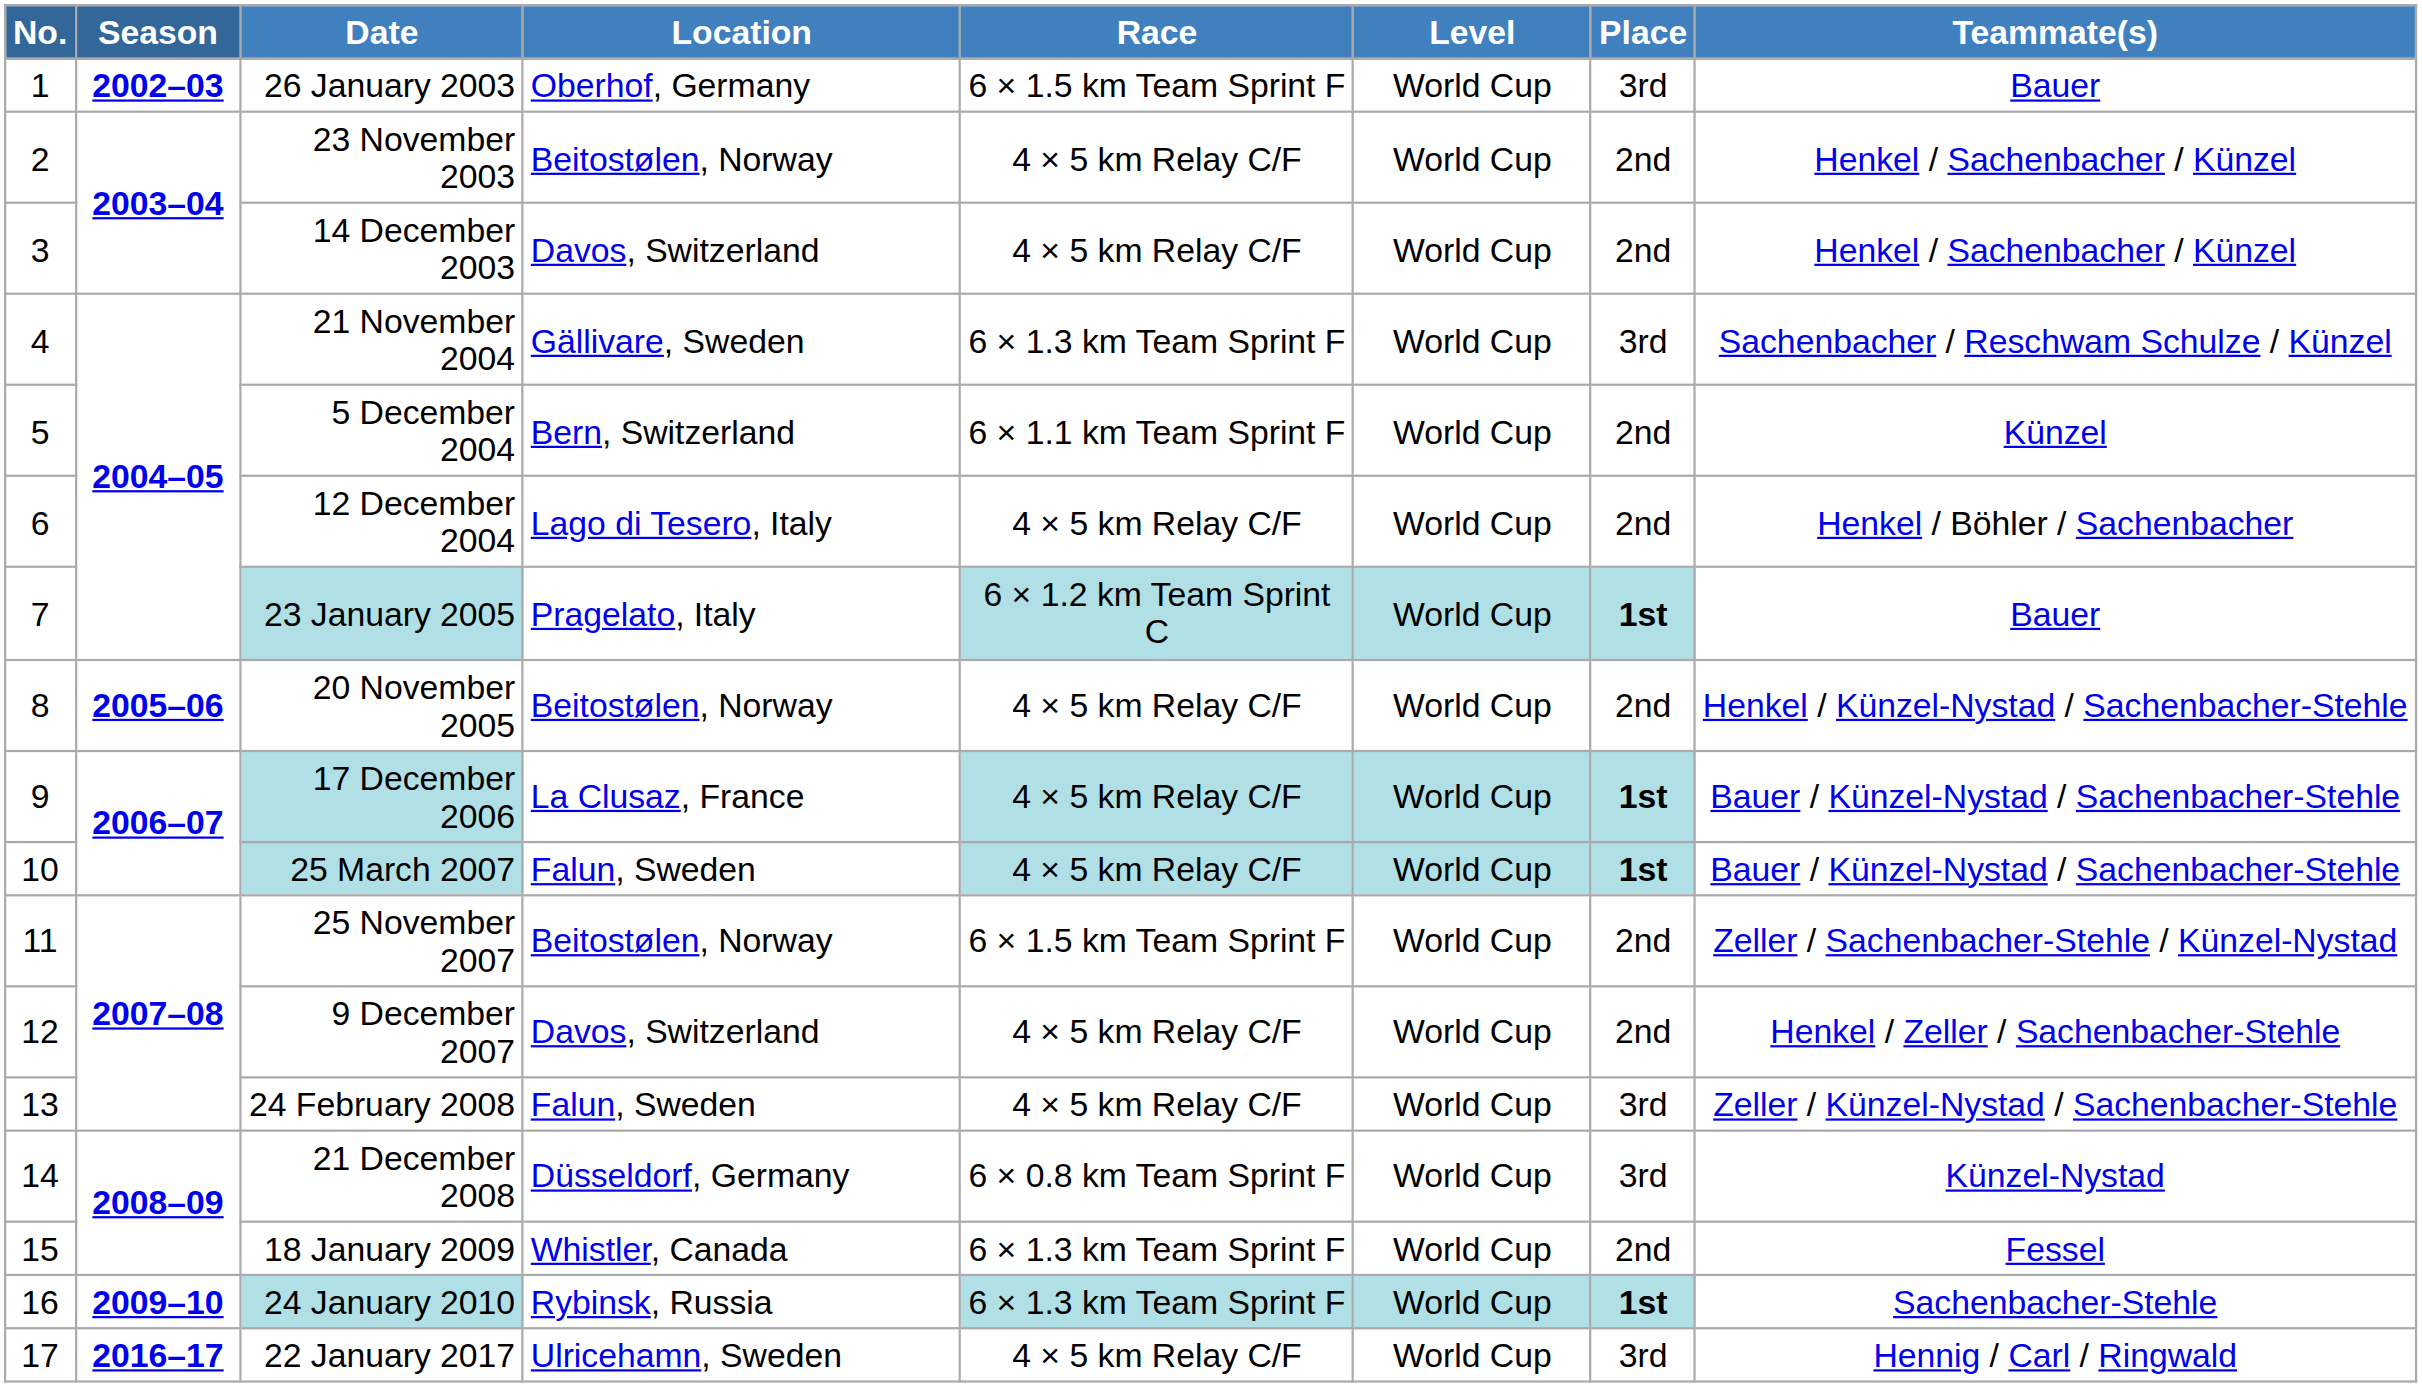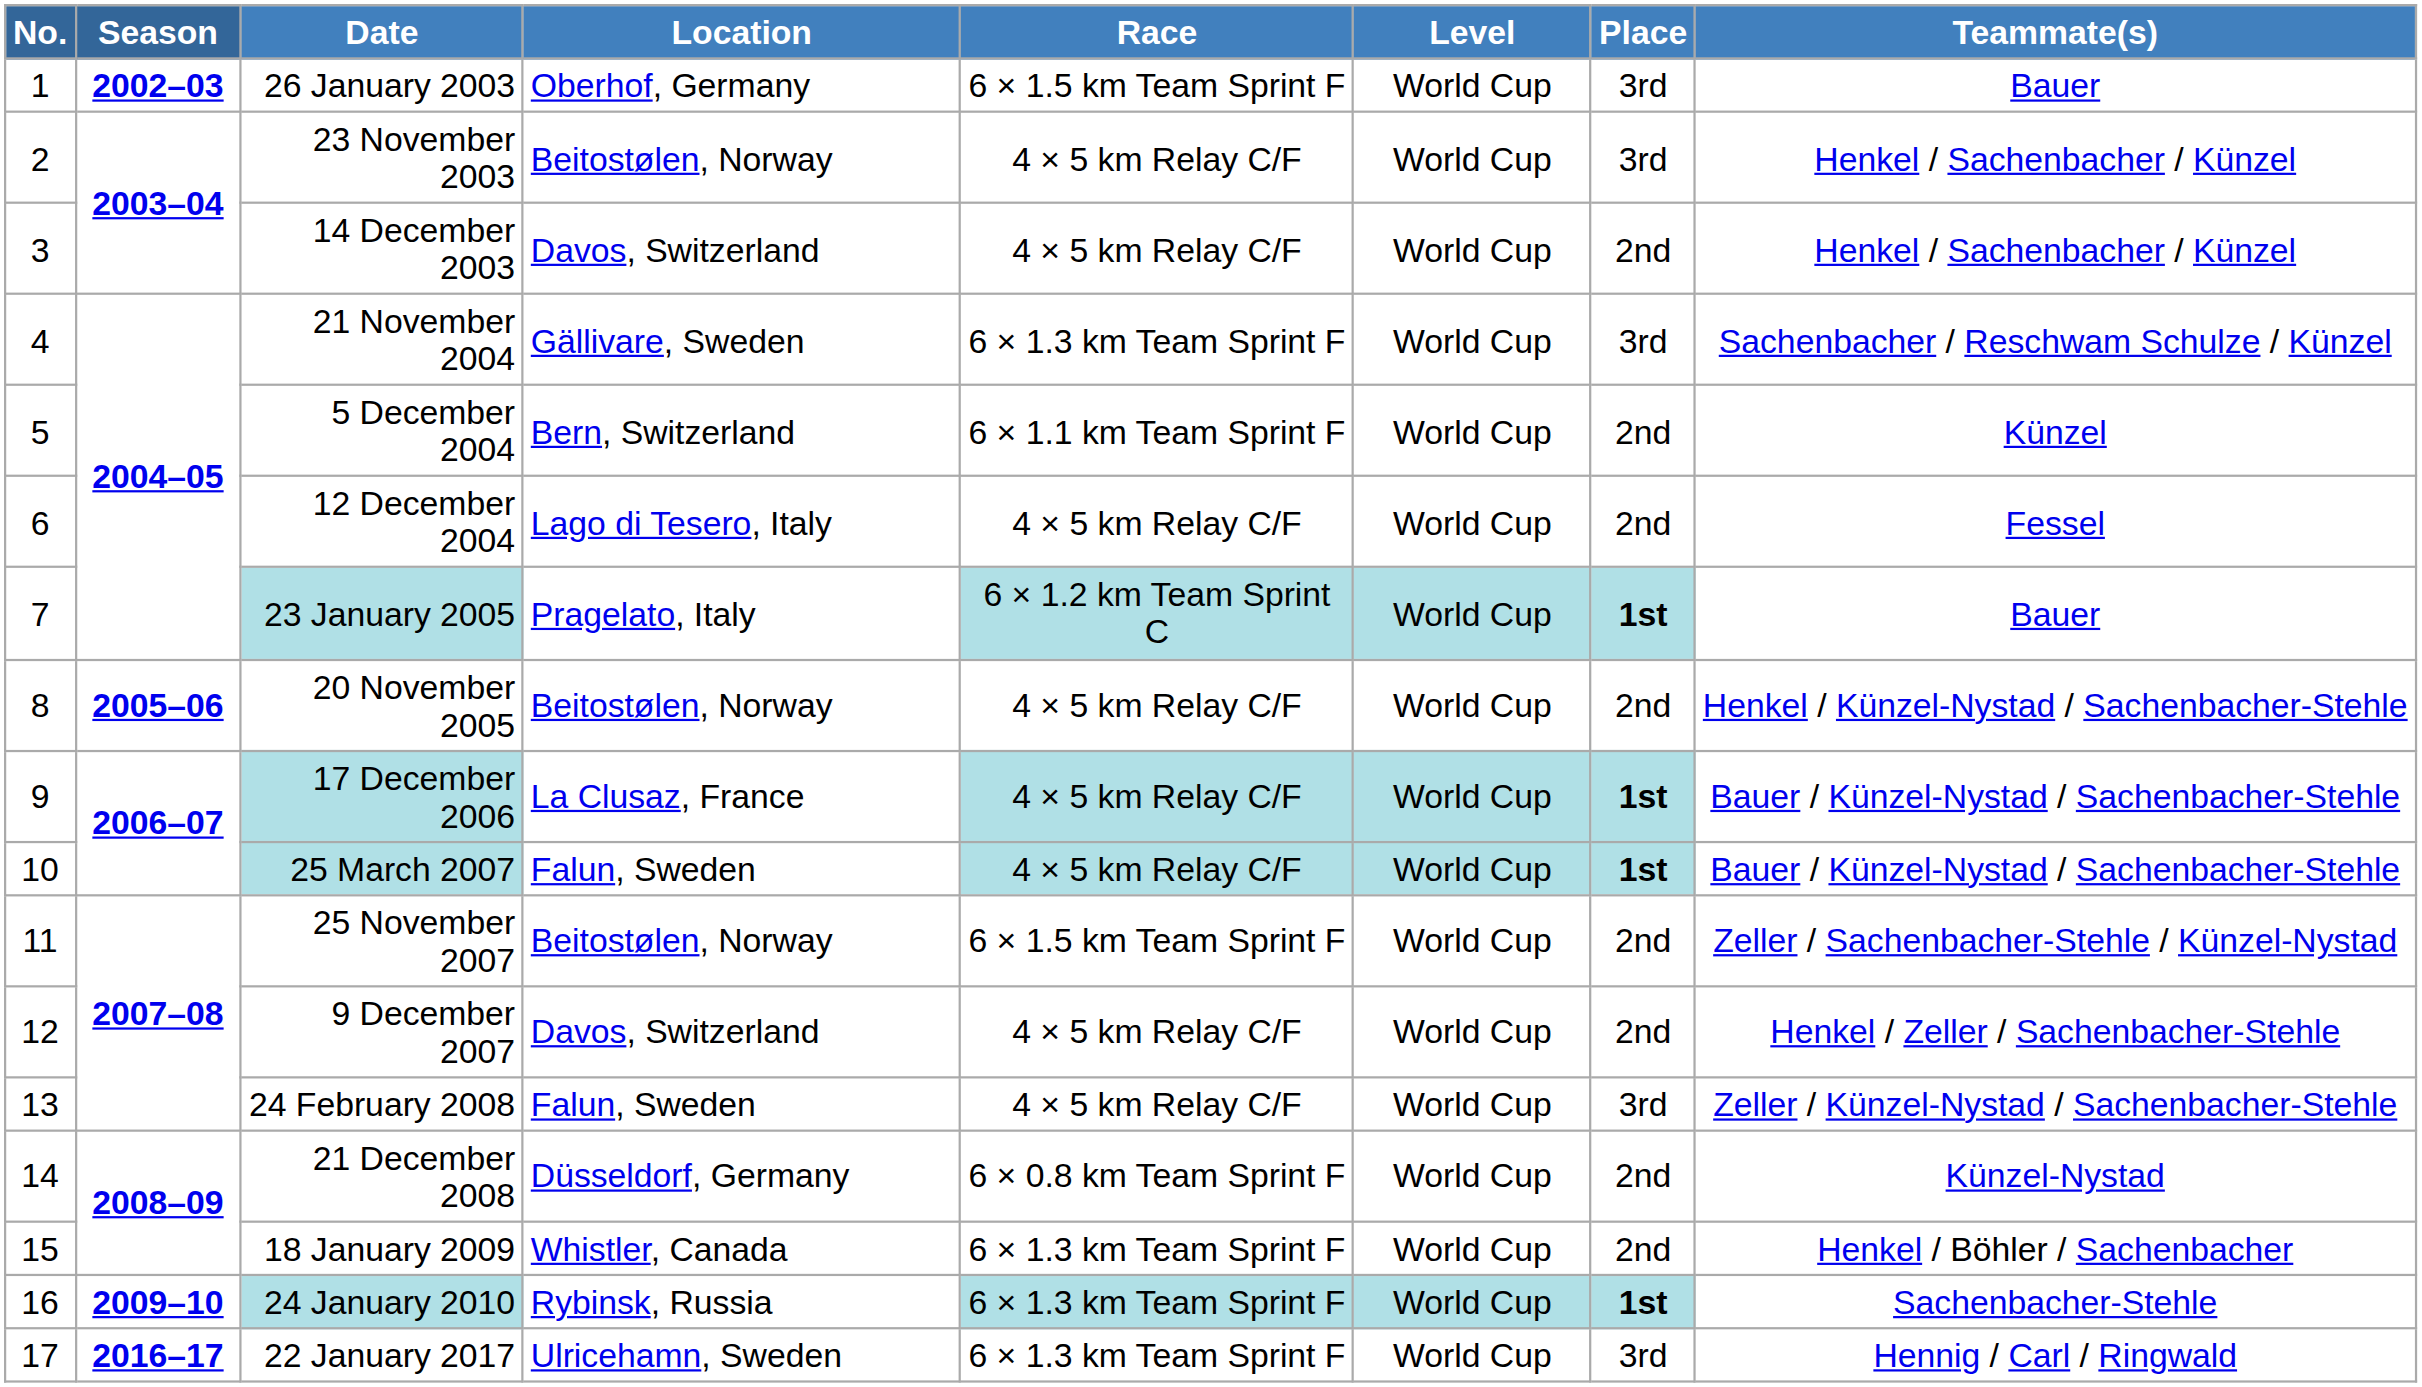 <table class="wikitable sortable" style="font-size:95%; text-align:center; border:grey solid 1px; border-collapse:collapse; background:#ffffff;">
 <tr style="background:#efefef;">
 <th style="background-color:#369; color:white;">No.</th>
 <th style="background-color:#369; color:white;">Season</th>
 <th style="background-color:#4180be; color:white; width:120px;">Date</th>
 <th style="background-color:#4180be; color:white; width:190px;">Location</th>
 <th style="background-color:#4180be; color:white; width:170px;">Race</th>
 <th style="background-color:#4180be; color:white; width:100px;">Level</th>
 <th style="background-color:#4180be; color:white;">Place</th>
 <th style="background-color:#4180be; color:white;">Teammate(s)</th>
 </tr>
 <tr>
 <td align=center>1</td>
 <td rowspan=1 align=center><strong> <a href='#'>2002–03</a> </strong></td>
 <td align=right>26 January 2003</td>
 <td align=left> <a href='#'>Oberhof</a>, Germany</td>
 <td>6 × 1.5 km Team Sprint F</td>
 <td>World Cup</td>
 <td>3rd</td>
 <td><a href='#'>Bauer</a></td>
 </tr>
 <tr>
 <td align=center>2</td>
 <td rowspan=2 align=center><strong> <a href='#'>2003–04</a> </strong></td>
 <td align=right>23 November 2003</td>
 <td align=left> <a href='#'>Beitostølen</a>, Norway</td>
 <td>4 × 5 km Relay C/F</td>
 <td>World Cup</td>
-<td>2nd</td>
+<td>3rd</td>
 <td><a href='#'>Henkel</a> / <a href='#'>Sachenbacher</a> / <a href='#'>Künzel</a></td>
 </tr>
 <tr>
 <td align=center>3</td>
 <td align=right>14 December 2003</td>
 <td align=left> <a href='#'>Davos</a>, Switzerland</td>
 <td>4 × 5 km Relay C/F</td>
 <td>World Cup</td>
 <td>2nd</td>
 <td><a href='#'>Henkel</a> / <a href='#'>Sachenbacher</a> / <a href='#'>Künzel</a></td>
 </tr>
 <tr>
 <td align=center>4</td>
 <td rowspan=4 align=center><strong> <a href='#'>2004–05</a> </strong></td>
 <td align=right>21 November 2004</td>
 <td align=left> <a href='#'>Gällivare</a>, Sweden</td>
 <td>6 × 1.3 km Team Sprint F</td>
 <td>World Cup</td>
 <td>3rd</td>
 <td><a href='#'>Sachenbacher</a> / <a href='#'>Reschwam Schulze</a> / <a href='#'>Künzel</a></td>
 </tr>
 <tr>
 <td align=center>5</td>
 <td align=right>5 December 2004</td>
 <td align=left> <a href='#'>Bern</a>, Switzerland</td>
 <td>6 × 1.1 km Team Sprint F</td>
 <td>World Cup</td>
 <td>2nd</td>
 <td><a href='#'>Künzel</a></td>
 </tr>
 <tr>
 <td align=center>6</td>
 <td align=right>12 December 2004</td>
 <td align=left> <a href='#'>Lago di Tesero</a>, Italy</td>
 <td>4 × 5 km Relay C/F</td>
 <td>World Cup</td>
 <td>2nd</td>
-<td><a href='#'>Henkel</a> / Böhler / <a href='#'>Sachenbacher</a></td>
+<td><a href='#'>Fessel</a></td>
 </tr>
 <tr>
 <td align=center>7</td>
 <td bgcolor="#BOEOE6" align=right>23 January 2005</td>
 <td align=left> <a href='#'>Pragelato</a>, Italy</td>
 <td bgcolor="#BOEOE6">6 × 1.2 km Team Sprint C</td>
 <td bgcolor="#BOEOE6">World Cup</td>
 <td bgcolor="#BOEOE6"><strong>1st</strong></td>
 <td><a href='#'>Bauer</a></td>
 </tr>
 <tr>
 <td align=center>8</td>
 <td rowspan=1 align=center><strong> <a href='#'>2005–06</a> </strong></td>
 <td align=right>20 November 2005</td>
 <td align=left> <a href='#'>Beitostølen</a>, Norway</td>
 <td>4 × 5 km Relay C/F</td>
 <td>World Cup</td>
 <td>2nd</td>
 <td><a href='#'>Henkel</a> / <a href='#'>Künzel-Nystad</a> / <a href='#'>Sachenbacher-Stehle</a></td>
 </tr>
 <tr>
 <td align=center>9</td>
 <td rowspan=2 align=center><strong><a href='#'>2006–07</a></strong></td>
 <td bgcolor="#BOEOE6" align=right>17 December 2006</td>
 <td align=left> <a href='#'>La Clusaz</a>, France</td>
 <td bgcolor="#BOEOE6">4 × 5 km Relay C/F</td>
 <td bgcolor="#BOEOE6">World Cup</td>
 <td bgcolor="#BOEOE6"><strong>1st</strong></td>
 <td><a href='#'>Bauer</a> / <a href='#'>Künzel-Nystad</a> / <a href='#'>Sachenbacher-Stehle</a></td>
 </tr>
 <tr>
 <td align=center>10</td>
 <td bgcolor="#BOEOE6" align=right>25 March 2007</td>
 <td align=left> <a href='#'>Falun</a>, Sweden</td>
 <td bgcolor="#BOEOE6">4 × 5 km Relay C/F</td>
 <td bgcolor="#BOEOE6">World Cup</td>
 <td bgcolor="#BOEOE6"><strong>1st</strong></td>
 <td><a href='#'>Bauer</a> / <a href='#'>Künzel-Nystad</a> / <a href='#'>Sachenbacher-Stehle</a></td>
 </tr>
 <tr>
 <td align=center>11</td>
 <td rowspan=3 align=center><strong> <a href='#'>2007–08</a> </strong></td>
 <td align=right>25 November 2007</td>
 <td align=left> <a href='#'>Beitostølen</a>, Norway</td>
 <td>6 × 1.5 km Team Sprint F</td>
 <td>World Cup</td>
 <td>2nd</td>
 <td><a href='#'>Zeller</a> / <a href='#'>Sachenbacher-Stehle</a> / <a href='#'>Künzel-Nystad</a></td>
 </tr>
 <tr>
 <td align=center>12</td>
 <td align=right>9 December 2007</td>
 <td align=left> <a href='#'>Davos</a>, Switzerland</td>
 <td>4 × 5 km Relay C/F</td>
 <td>World Cup</td>
 <td>2nd</td>
 <td><a href='#'>Henkel</a> / <a href='#'>Zeller</a> / <a href='#'>Sachenbacher-Stehle</a></td>
 </tr>
 <tr>
 <td align=center>13</td>
 <td align=right>24 February 2008</td>
 <td align=left> <a href='#'>Falun</a>, Sweden</td>
 <td>4 × 5 km Relay C/F</td>
 <td>World Cup</td>
 <td>3rd</td>
 <td><a href='#'>Zeller</a> / <a href='#'>Künzel-Nystad</a> / <a href='#'>Sachenbacher-Stehle</a></td>
 </tr>
 <tr>
 <td align=center>14</td>
 <td rowspan=2 align=center><strong> <a href='#'>2008–09</a> </strong></td>
 <td align=right>21 December 2008</td>
 <td align=left> <a href='#'>Düsseldorf</a>, Germany</td>
 <td>6 × 0.8 km Team Sprint F</td>
 <td>World Cup</td>
-<td>3rd</td>
+<td>2nd</td>
 <td><a href='#'>Künzel-Nystad</a></td>
 </tr>
 <tr>
 <td align=center>15</td>
 <td align=right>18 January 2009</td>
 <td align=left> <a href='#'>Whistler</a>, Canada</td>
 <td>6 × 1.3 km Team Sprint F</td>
 <td>World Cup</td>
 <td>2nd</td>
-<td><a href='#'>Fessel</a></td>
+<td><a href='#'>Henkel</a> / Böhler / <a href='#'>Sachenbacher</a></td>
 </tr>
 <tr>
 <td align=center>16</td>
 <td rowspan=1 align=center><strong><a href='#'>2009–10</a></strong></td>
 <td bgcolor="#BOEOE6" align=right>24 January 2010</td>
 <td align=left> <a href='#'>Rybinsk</a>, Russia</td>
 <td bgcolor="#BOEOE6">6 × 1.3 km Team Sprint F</td>
 <td bgcolor="#BOEOE6">World Cup</td>
 <td bgcolor="#BOEOE6"><strong>1st</strong></td>
 <td><a href='#'>Sachenbacher-Stehle</a></td>
 </tr>
 <tr>
 <td align=center>17</td>
 <td rowspan=1 align=center><strong> <a href='#'>2016–17</a> </strong></td>
 <td align=right>22 January 2017</td>
 <td align=left> <a href='#'>Ulricehamn</a>, Sweden</td>
-<td>4 × 5 km Relay C/F</td>
+<td>6 × 1.3 km Team Sprint F</td>
 <td>World Cup</td>
 <td>3rd</td>
 <td><a href='#'>Hennig</a> / <a href='#'>Carl</a> / <a href='#'>Ringwald</a></td>
 </tr>
 </table>
